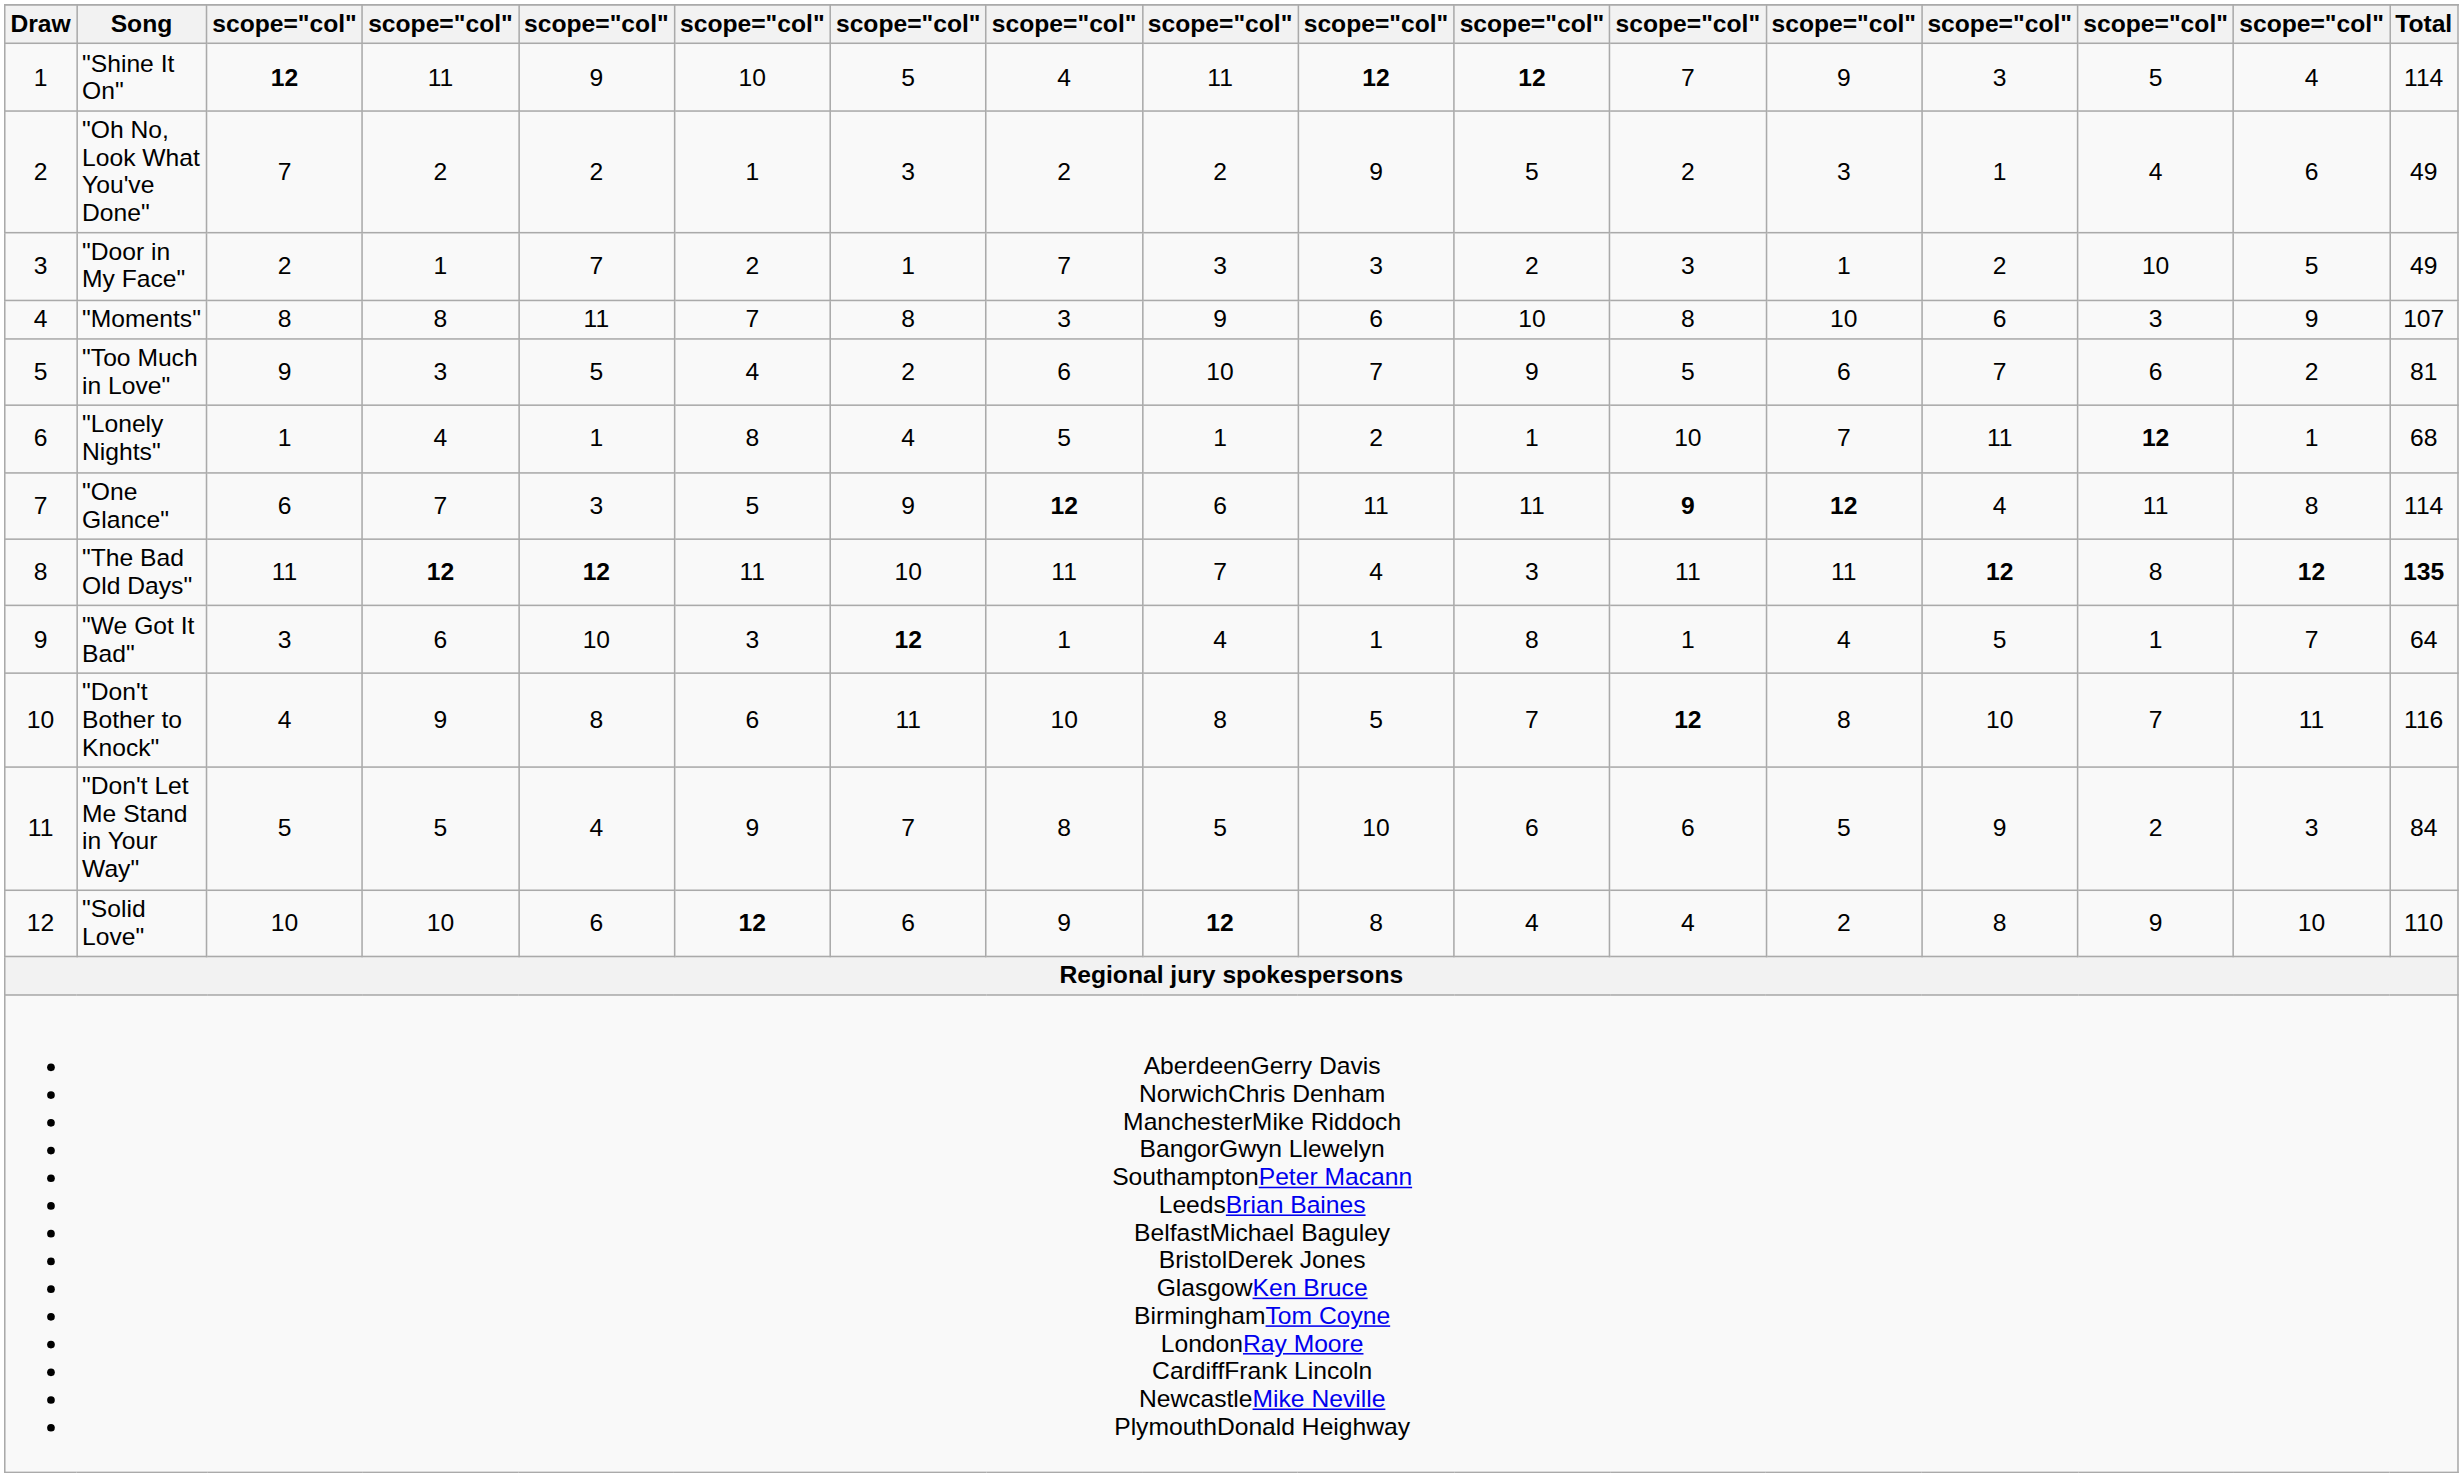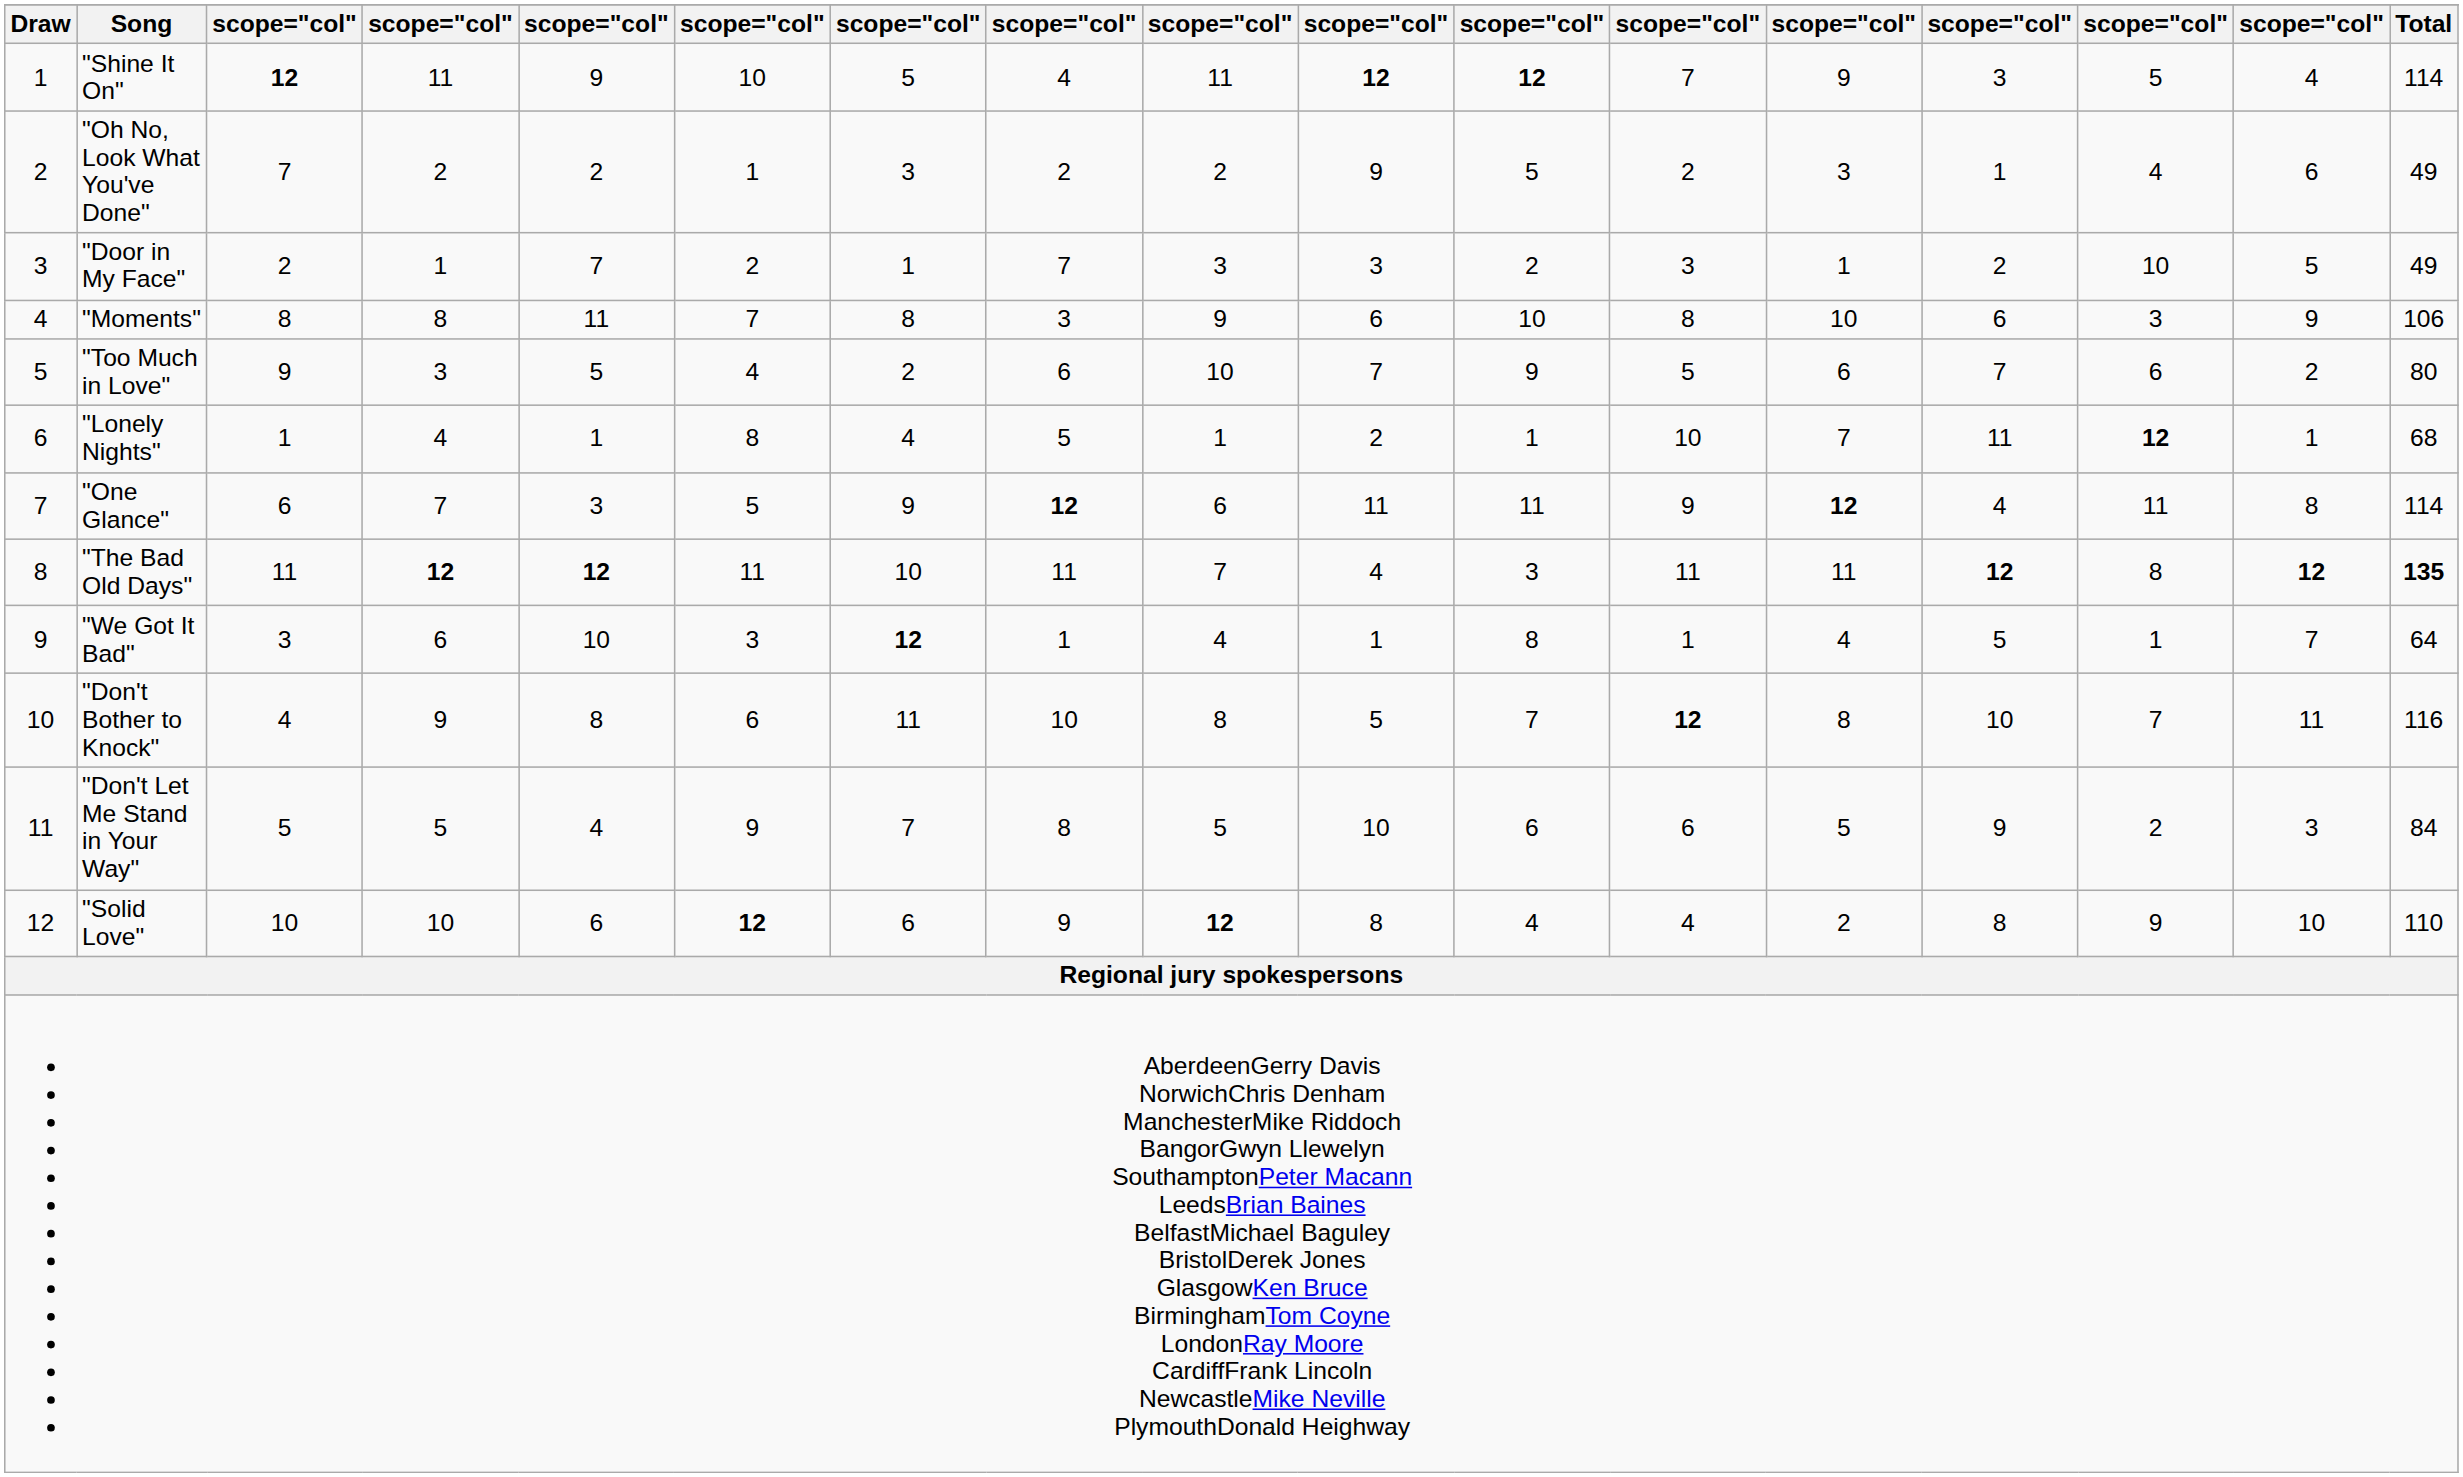 <table class="wikitable plainrowheaders" style="margin: 1em auto 1em auto; text-align:center;">
 <tr>
 </tr>
 <tr>
 <th scope="col">Draw</th>
 <th scope="col">Song</th>
 <th>scope="col" </th>
 <th>scope="col" </th>
 <th>scope="col" </th>
 <th>scope="col" </th>
 <th>scope="col" </th>
 <th>scope="col" </th>
 <th>scope="col" </th>
 <th>scope="col" </th>
 <th>scope="col" </th>
 <th>scope="col" </th>
 <th>scope="col" </th>
 <th>scope="col" </th>
 <th>scope="col" </th>
 <th>scope="col" </th>
 <th scope="col">Total</th>
 </tr>
 <tr>
 <td>1</td>
 <td align="left">"Shine It On"</td>
 <td><strong>12</strong></td>
 <td>11</td>
 <td>9</td>
 <td>10</td>
 <td>5</td>
 <td>4</td>
 <td>11</td>
 <td><strong>12</strong></td>
 <td><strong>12</strong></td>
 <td>7</td>
 <td>9</td>
 <td>3</td>
 <td>5</td>
 <td>4</td>
 <td>114</td>
 </tr>
 <tr>
 <td>2</td>
 <td align="left">"Oh No, Look What You've Done"</td>
 <td>7</td>
 <td>2</td>
 <td>2</td>
 <td>1</td>
 <td>3</td>
 <td>2</td>
 <td>2</td>
 <td>9</td>
 <td>5</td>
 <td>2</td>
 <td>3</td>
 <td>1</td>
 <td>4</td>
 <td>6</td>
 <td>49</td>
 </tr>
 <tr>
 <td>3</td>
 <td align="left">"Door in My Face"</td>
 <td>2</td>
 <td>1</td>
 <td>7</td>
 <td>2</td>
 <td>1</td>
 <td>7</td>
 <td>3</td>
 <td>3</td>
 <td>2</td>
 <td>3</td>
 <td>1</td>
 <td>2</td>
 <td>10</td>
 <td>5</td>
 <td>49</td>
 </tr>
 <tr>
 <td>4</td>
 <td align="left">"Moments"</td>
 <td>8</td>
 <td>8</td>
 <td>11</td>
 <td>7</td>
 <td>8</td>
 <td>3</td>
 <td>9</td>
 <td>6</td>
 <td>10</td>
 <td>8</td>
 <td>10</td>
 <td>6</td>
 <td>3</td>
 <td>9</td>
-<td>107</td>
+<td>106</td>
 </tr>
 <tr>
 <td>5</td>
 <td align="left">"Too Much in Love"</td>
 <td>9</td>
 <td>3</td>
 <td>5</td>
 <td>4</td>
 <td>2</td>
 <td>6</td>
 <td>10</td>
 <td>7</td>
 <td>9</td>
 <td>5</td>
 <td>6</td>
 <td>7</td>
 <td>6</td>
 <td>2</td>
-<td>81</td>
+<td>80</td>
 </tr>
 <tr>
 <td>6</td>
 <td align="left">"Lonely Nights"</td>
 <td>1</td>
 <td>4</td>
 <td>1</td>
 <td>8</td>
 <td>4</td>
 <td>5</td>
 <td>1</td>
 <td>2</td>
 <td>1</td>
 <td>10</td>
 <td>7</td>
 <td>11</td>
 <td><strong>12</strong></td>
 <td>1</td>
 <td>68</td>
 </tr>
 <tr>
 <td>7</td>
 <td align="left">"One Glance"</td>
 <td>6</td>
 <td>7</td>
 <td>3</td>
 <td>5</td>
 <td>9</td>
 <td><strong>12</strong></td>
 <td>6</td>
 <td>11</td>
 <td>11</td>
-<td><strong>9</strong></td>
+<td>9</td>
 <td><strong>12</strong></td>
 <td>4</td>
 <td>11</td>
 <td>8</td>
 <td>114</td>
 </tr>
 <tr>
 <td>8</td>
 <td align="left">"The Bad Old Days"</td>
 <td>11</td>
 <td><strong>12</strong></td>
 <td><strong>12</strong></td>
 <td>11</td>
 <td>10</td>
 <td>11</td>
 <td>7</td>
 <td>4</td>
 <td>3</td>
 <td>11</td>
 <td>11</td>
 <td><strong>12</strong></td>
 <td>8</td>
 <td><strong>12</strong></td>
 <td><strong>135</strong></td>
 </tr>
 <tr>
 <td>9</td>
 <td align="left">"We Got It Bad"</td>
 <td>3</td>
 <td>6</td>
 <td>10</td>
 <td>3</td>
 <td><strong>12</strong></td>
 <td>1</td>
 <td>4</td>
 <td>1</td>
 <td>8</td>
 <td>1</td>
 <td>4</td>
 <td>5</td>
 <td>1</td>
 <td>7</td>
 <td>64</td>
 </tr>
 <tr>
 <td>10</td>
 <td align="left">"Don't Bother to Knock"</td>
 <td>4</td>
 <td>9</td>
 <td>8</td>
 <td>6</td>
 <td>11</td>
 <td>10</td>
 <td>8</td>
 <td>5</td>
 <td>7</td>
 <td><strong>12</strong></td>
 <td>8</td>
 <td>10</td>
 <td>7</td>
 <td>11</td>
 <td>116</td>
 </tr>
 <tr>
 <td>11</td>
 <td align="left">"Don't Let Me Stand in Your Way"</td>
 <td>5</td>
 <td>5</td>
 <td>4</td>
 <td>9</td>
 <td>7</td>
 <td>8</td>
 <td>5</td>
 <td>10</td>
 <td>6</td>
 <td>6</td>
 <td>5</td>
 <td>9</td>
 <td>2</td>
 <td>3</td>
 <td>84</td>
 </tr>
 <tr>
 <td>12</td>
 <td align="left">"Solid Love"</td>
 <td>10</td>
 <td>10</td>
 <td>6</td>
 <td><strong>12</strong></td>
 <td>6</td>
 <td>9</td>
 <td><strong>12</strong></td>
 <td>8</td>
 <td>4</td>
 <td>4</td>
 <td>2</td>
 <td>8</td>
 <td>9</td>
 <td>10</td>
 <td>110</td>
 </tr>
 <tr>
 <th colspan="17">Regional jury spokespersons</th>
 </tr>
 <tr>
 <td colspan="17"><br><ul><li>AberdeenGerry Davis</li><li>NorwichChris Denham</li><li>ManchesterMike Riddoch</li><li>BangorGwyn Llewelyn</li><li>Southampton<a href='#'>Peter Macann</a></li><li>Leeds<a href='#'>Brian Baines</a></li><li>BelfastMichael Baguley</li><li>BristolDerek Jones</li><li>Glasgow<a href='#'>Ken Bruce</a></li><li>Birmingham<a href='#'>Tom Coyne</a></li><li>London<a href='#'>Ray Moore</a></li><li>CardiffFrank Lincoln</li><li>Newcastle<a href='#'>Mike Neville</a></li><li>PlymouthDonald Heighway</li></ul></td>
 </tr>
 </table>
